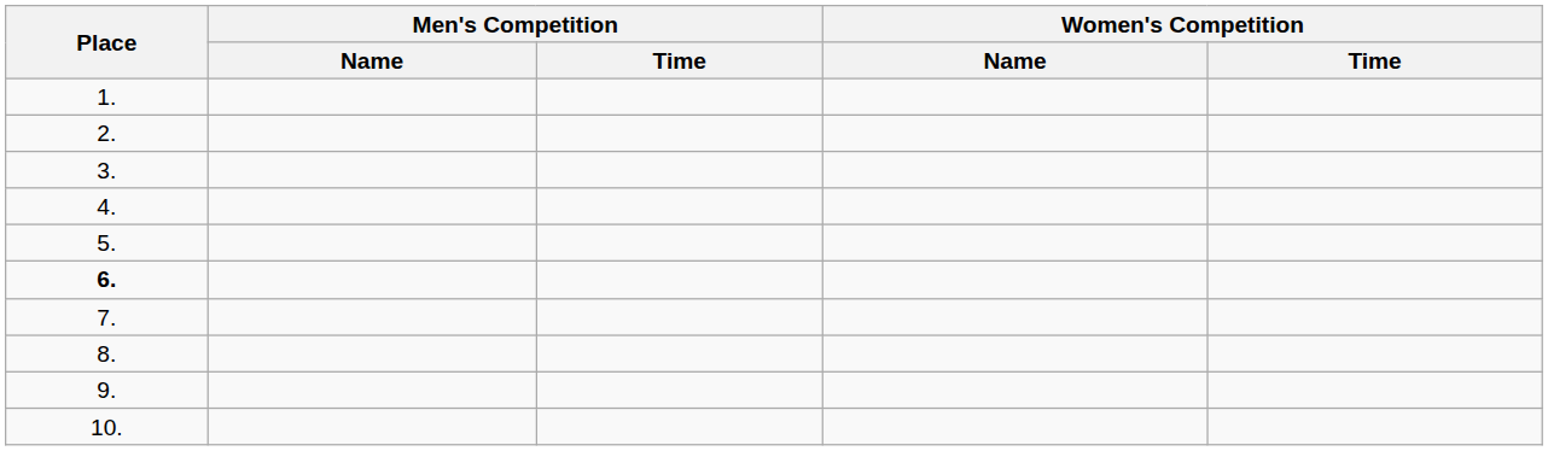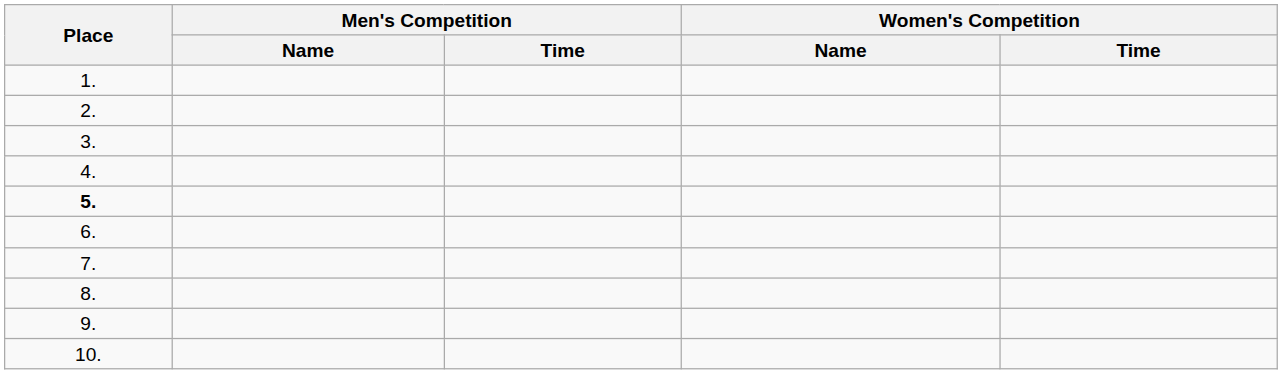 <table class=wikitable style="font-size:95%" width="80%">
 <tr>
 <th rowspan="2">Place</th>
 <th colspan="2">Men's Competition</th>
 <th colspan="2">Women's Competition</th>
 </tr>
 <tr>
 <th>Name</th>
 <th>Time</th>
 <th>Name</th>
 <th>Time</th>
 </tr>
 <tr>
 <td align="center">1.</td>
 <td></td>
 <td></td>
 <td></td>
 <td></td>
 </tr>
 <tr>
 <td align="center">2.</td>
 <td></td>
 <td></td>
 <td></td>
 <td></td>
 </tr>
 <tr>
 <td align="center">3.</td>
 <td></td>
 <td></td>
 <td></td>
 <td></td>
 </tr>
 <tr>
 <td align="center">4.</td>
 <td></td>
 <td></td>
 <td></td>
 <td></td>
 </tr>
 <tr>
-<td align="center">5.</td>
+<td align="center"><strong>5.</strong></td>
 <td></td>
 <td></td>
 <td></td>
 <td></td>
 </tr>
 <tr>
-<td align="center"><strong>6.</strong></td>
+<td align="center">6.</td>
 <td></td>
 <td></td>
 <td></td>
 <td></td>
 </tr>
 <tr>
 <td align="center">7.</td>
 <td></td>
 <td></td>
 <td></td>
 <td></td>
 </tr>
 <tr>
 <td align="center">8.</td>
 <td></td>
 <td></td>
 <td></td>
 <td></td>
 </tr>
 <tr>
 <td align="center">9.</td>
 <td></td>
 <td></td>
 <td></td>
 <td></td>
 </tr>
 <tr>
 <td align="center">10.</td>
 <td></td>
 <td></td>
 <td></td>
 <td></td>
 </tr>
 </table>
